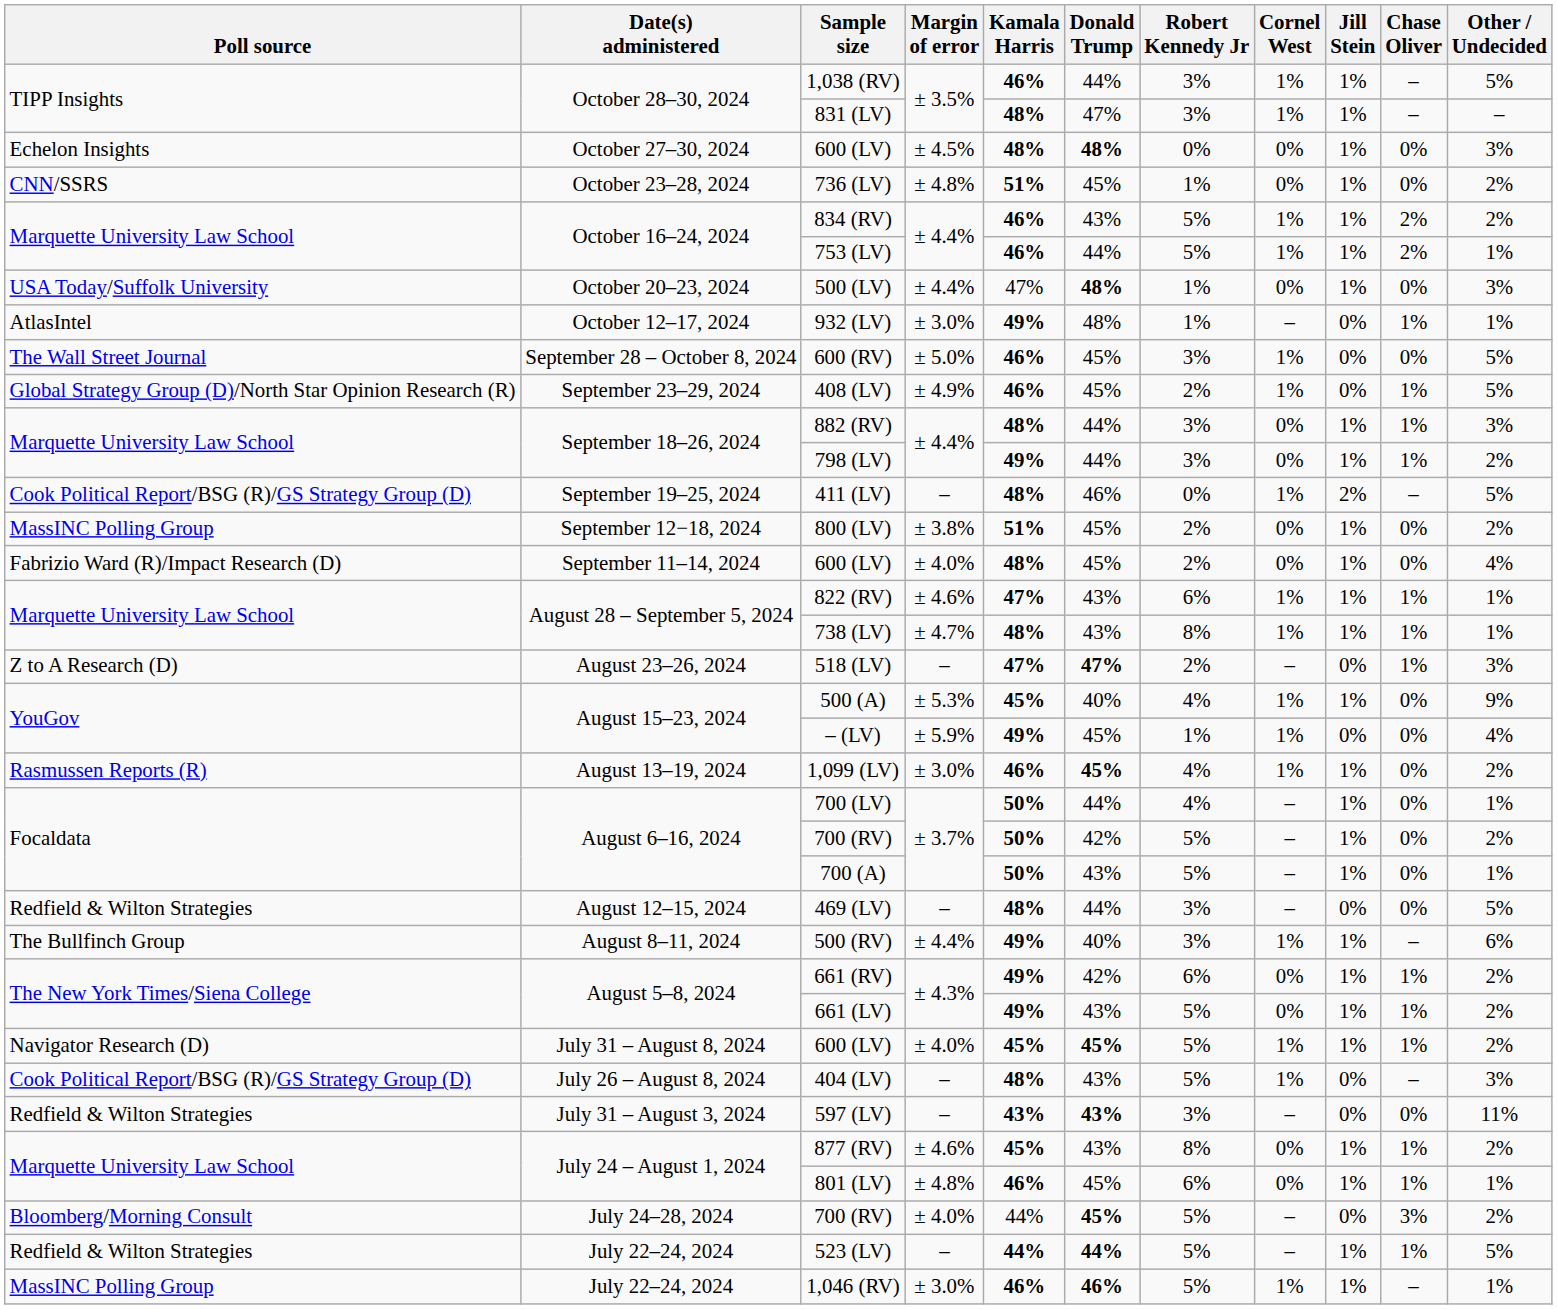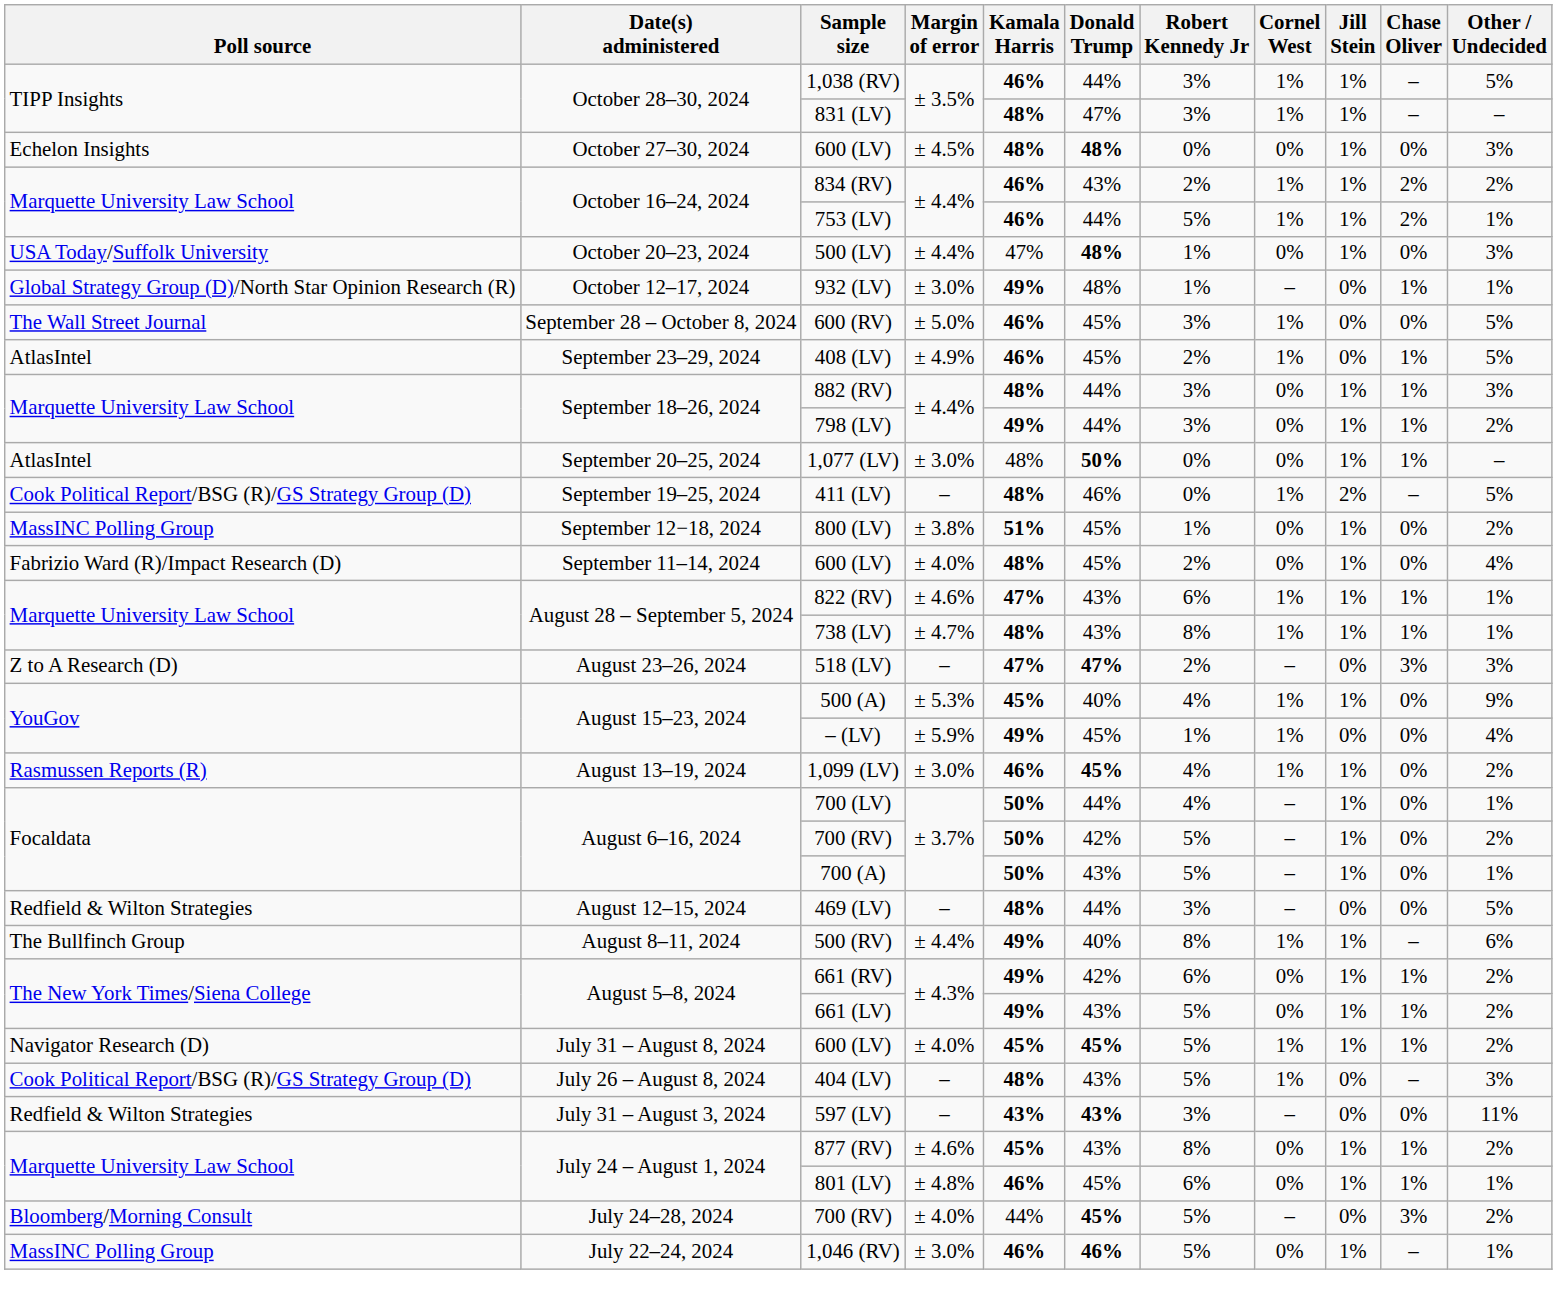 <table class="wikitable sortable mw-datatable" style="font-size:90%;text-align:center;line-height:17px">
 <tr valign=bottom>
 <th>Poll source</th>
 <th>Date(s)<br>administered</th>
 <th>Sample<br>size</th>
 <th>Margin<br>of error</th>
 <th class="unsortable">Kamala<br>Harris<br></th>
 <th class="unsortable">Donald<br>Trump<br></th>
 <th class="unsortable">Robert<br>Kennedy Jr<br></th>
 <th class="unsortable">Cornel<br>West<br></th>
 <th class="unsortable">Jill<br>Stein<br></th>
 <th class="unsortable">Chase<br>Oliver<br></th>
 <th class="unsortable">Other /<br>Undecided</th>
 </tr>
 <tr>
 <td rowspan="2" style="text-align:left;">TIPP Insights</td>
 <td rowspan="2">October 28–30, 2024</td>
 <td>1,038 (RV)</td>
 <td rowspan="2">± 3.5%</td>
 <td style="color:black;background-color:"><strong>46%</strong></td>
 <td>44%</td>
 <td>3%</td>
 <td>1%</td>
 <td>1%</td>
 <td>–</td>
 <td>5%</td>
 </tr>
 <tr>
 <td>831 (LV)</td>
 <td style="color:black;background-color:"><strong>48%</strong></td>
 <td>47%</td>
 <td>3%</td>
 <td>1%</td>
 <td>1%</td>
 <td>–</td>
 <td>–</td>
 </tr>
 <tr>
 <td style="text-align:left;">Echelon Insights</td>
 <td data-sort-value="2024-10-30">October 27–30, 2024</td>
 <td>600 (LV)</td>
 <td>± 4.5%</td>
 <td><strong>48%</strong></td>
 <td><strong>48%</strong></td>
 <td>0%</td>
 <td>0%</td>
 <td>1%</td>
 <td>0%</td>
 <td>3%</td>
 </tr>
 <tr>
-<td style="text-align:left;"><a href='#'>CNN</a>/SSRS</td>
-<td data-sort-value="2024-10-28">October 23–28, 2024</td>
-<td>736 (LV)</td>
-<td>± 4.8%</td>
-<td style="color:black;background-color:"><strong>51%</strong></td>
-<td>45%</td>
-<td>1%</td>
-<td>0%</td>
-<td>1%</td>
-<td>0%</td>
-<td>2%</td>
-</tr>
-<tr>
 <td rowspan="2" style="text-align:left;"><a href='#'>Marquette University Law School</a></td>
 <td rowspan="2">October 16–24, 2024</td>
 <td>834 (RV)</td>
 <td rowspan="2">± 4.4%</td>
 <td style="color:black;background-color:"><strong>46%</strong></td>
 <td>43%</td>
-<td>5%</td>
+<td>2%</td>
 <td>1%</td>
 <td>1%</td>
 <td>2%</td>
 <td>2%</td>
 </tr>
 <tr>
 <td>753 (LV)</td>
 <td style="color:black;background-color:"><strong>46%</strong></td>
 <td>44%</td>
 <td>5%</td>
 <td>1%</td>
 <td>1%</td>
 <td>2%</td>
 <td>1%</td>
 </tr>
 <tr>
 <td style="text-align:left;"><a href='#'>USA Today</a>/<a href='#'>Suffolk University</a></td>
 <td data-sort-value="2024-10-23">October 20–23, 2024</td>
 <td>500 (LV)</td>
 <td>± 4.4%</td>
 <td>47%</td>
 <td style="background-color:"><strong>48%</strong></td>
 <td>1%</td>
 <td>0%</td>
 <td>1%</td>
 <td>0%</td>
 <td>3%</td>
 </tr>
 <tr>
-<td style="text-align:left;">AtlasIntel</td>
+<td style="text-align:left;"><a href='#'>Global Strategy Group (D)</a>/North Star Opinion Research (R)</td>
 <td data-sort-value="2024-10-17">October 12–17, 2024</td>
 <td>932 (LV)</td>
 <td>± 3.0%</td>
 <td style="color:black;background-color:"><strong>49%</strong></td>
 <td>48%</td>
 <td>1%</td>
 <td>–</td>
 <td>0%</td>
 <td>1%</td>
 <td>1%</td>
 </tr>
 <tr>
 <td style="text-align:left;"><a href='#'>The Wall Street Journal</a></td>
 <td data-sort-value="2024-10-08">September 28 – October 8, 2024</td>
 <td>600 (RV)</td>
 <td>± 5.0%</td>
 <td style="color:black;background-color:"><strong>46%</strong></td>
 <td>45%</td>
 <td>3%</td>
 <td>1%</td>
 <td>0%</td>
 <td>0%</td>
 <td>5%</td>
 </tr>
 <tr>
-<td style="text-align:left;"><a href='#'>Global Strategy Group (D)</a>/North Star Opinion Research (R)</td>
+<td style="text-align:left;">AtlasIntel</td>
 <td data-sort-value="2024-09-29">September 23–29, 2024</td>
 <td>408 (LV)</td>
 <td>± 4.9%</td>
 <td style="color:black;background-color:"><strong>46%</strong></td>
 <td>45%</td>
 <td>2%</td>
 <td>1%</td>
 <td>0%</td>
 <td>1%</td>
 <td>5%</td>
 </tr>
 <tr>
 <td rowspan="2" style="text-align:left;"><a href='#'>Marquette University Law School</a></td>
 <td rowspan="2">September 18–26, 2024</td>
 <td>882 (RV)</td>
 <td rowspan="2">± 4.4%</td>
 <td style="color:black;background-color:"><strong>48%</strong></td>
 <td>44%</td>
 <td>3%</td>
 <td>0%</td>
 <td>1%</td>
 <td>1%</td>
 <td>3%</td>
 </tr>
 <tr>
 <td>798 (LV)</td>
 <td style="color:black;background-color:"><strong>49%</strong></td>
 <td>44%</td>
 <td>3%</td>
 <td>0%</td>
 <td>1%</td>
 <td>1%</td>
 <td>2%</td>
 </tr>
 <tr>
+<td style="text-align:left;">AtlasIntel</td>
+<td data-sort-value="2024-09-25">September 20–25, 2024</td>
+<td>1,077 (LV)</td>
+<td>± 3.0%</td>
+<td>48%</td>
+<td style="background-color:"><strong>50%</strong></td>
+<td>0%</td>
+<td>0%</td>
+<td>1%</td>
+<td>1%</td>
+<td>–</td>
+</tr>
+<tr>
 <td style="text-align:left;"><a href='#'>Cook Political Report</a>/BSG (R)/<a href='#'>GS Strategy Group (D)</a></td>
 <td data-sort-value="2024-09-25">September 19–25, 2024</td>
 <td>411 (LV)</td>
 <td>–</td>
 <td style="color:black;background-color:"><strong>48%</strong></td>
 <td>46%</td>
 <td>0%</td>
 <td>1%</td>
 <td>2%</td>
 <td>–</td>
 <td>5%</td>
 </tr>
 <tr>
 <td style="text-align:left;"><a href='#'>MassINC Polling Group</a></td>
 <td data-sort-value="2024-09-18">September 12−18, 2024</td>
 <td>800 (LV)</td>
 <td>± 3.8%</td>
 <td style="color:black;background-color:"><strong>51%</strong></td>
 <td>45%</td>
-<td>2%</td>
+<td>1%</td>
 <td>0%</td>
 <td>1%</td>
 <td>0%</td>
 <td>2%</td>
 </tr>
 <tr>
 <td style="text-align:left;">Fabrizio Ward (R)/Impact Research (D)</td>
 <td data-sort-value="2024-09-14">September 11–14, 2024</td>
 <td>600 (LV)</td>
 <td>± 4.0%</td>
 <td style="color:black;background-color:"><strong>48%</strong></td>
 <td>45%</td>
 <td>2%</td>
 <td>0%</td>
 <td>1%</td>
 <td>0%</td>
 <td>4%</td>
 </tr>
 <tr>
 <td rowspan="2" style="text-align:left;"><a href='#'>Marquette University Law School</a></td>
 <td rowspan="2">August 28 – September 5, 2024</td>
 <td>822 (RV)</td>
 <td>± 4.6%</td>
 <td style="color:black;background-color:"><strong>47%</strong></td>
 <td>43%</td>
 <td>6%</td>
 <td>1%</td>
 <td>1%</td>
 <td>1%</td>
 <td>1%</td>
 </tr>
 <tr>
 <td>738 (LV)</td>
 <td>± 4.7%</td>
 <td style="color:black;background-color:"><strong>48%</strong></td>
 <td>43%</td>
 <td>8%</td>
 <td>1%</td>
 <td>1%</td>
 <td>1%</td>
 <td>1%</td>
 </tr>
 <tr>
 <td style="text-align:left;">Z to A Research (D)</td>
 <td data-sort-value="2024-08-19">August 23–26, 2024</td>
 <td>518 (LV)</td>
 <td>–</td>
 <td><strong>47%</strong></td>
 <td><strong>47%</strong></td>
 <td>2%</td>
 <td>–</td>
 <td>0%</td>
-<td>1%</td>
+<td>3%</td>
 <td>3%</td>
 </tr>
 <tr>
 <td style="text-align:left;" rowspan="2"><a href='#'>YouGov</a></td>
 <td rowspan="2">August 15–23, 2024</td>
 <td>500 (A)</td>
 <td>± 5.3%</td>
 <td style="color:black;background-color:"><strong>45%</strong></td>
 <td>40%</td>
 <td>4%</td>
 <td>1%</td>
 <td>1%</td>
 <td>0%</td>
 <td>9%</td>
 </tr>
 <tr>
 <td>– (LV)</td>
 <td>± 5.9%</td>
 <td style="color:black;background-color:"><strong>49%</strong></td>
 <td>45%</td>
 <td>1%</td>
 <td>1%</td>
 <td>0%</td>
 <td>0%</td>
 <td>4%</td>
 </tr>
 <tr>
 <td style="text-align:left;"><a href='#'>Rasmussen Reports (R)</a></td>
 <td data-sort-value="2024-08-19">August 13–19, 2024</td>
 <td>1,099 (LV)</td>
 <td>± 3.0%</td>
 <td><strong>46%</strong></td>
 <td><strong>45%</strong></td>
 <td>4%</td>
 <td>1%</td>
 <td>1%</td>
 <td>0%</td>
 <td>2%</td>
 </tr>
 <tr>
 <td style="text-align:left;" rowspan="3">Focaldata</td>
 <td rowspan="3">August 6–16, 2024</td>
 <td>700 (LV)</td>
 <td rowspan="3">± 3.7%</td>
 <td style="color:black;background-color:"><strong>50%</strong></td>
 <td>44%</td>
 <td>4%</td>
 <td>–</td>
 <td>1%</td>
 <td>0%</td>
 <td>1%</td>
 </tr>
 <tr>
 <td>700 (RV)</td>
 <td style="color:black;background-color:"><strong>50%</strong></td>
 <td>42%</td>
 <td>5%</td>
 <td>–</td>
 <td>1%</td>
 <td>0%</td>
 <td>2%</td>
 </tr>
 <tr>
 <td>700 (A)</td>
 <td style="color:black;background-color:"><strong>50%</strong></td>
 <td>43%</td>
 <td>5%</td>
 <td>–</td>
 <td>1%</td>
 <td>0%</td>
 <td>1%</td>
 </tr>
 <tr>
 <td style="text-align:left;">Redfield & Wilton Strategies</td>
 <td data-sort-value="2024-08-15">August 12–15, 2024</td>
 <td>469 (LV)</td>
 <td>–</td>
 <td style="color:black;background-color:"><strong>48%</strong></td>
 <td>44%</td>
 <td>3%</td>
 <td>–</td>
 <td>0%</td>
 <td>0%</td>
 <td>5%</td>
 </tr>
 <tr>
 <td style="text-align:left;">The Bullfinch Group</td>
 <td data-sort-value="2024-08-11">August 8–11, 2024</td>
 <td>500 (RV)</td>
 <td>± 4.4%</td>
 <td style="color:black;background-color:"><strong>49%</strong></td>
 <td>40%</td>
-<td>3%</td>
+<td>8%</td>
 <td>1%</td>
 <td>1%</td>
 <td>–</td>
 <td>6%</td>
 </tr>
 <tr>
 <td style="text-align:left;" rowspan="2"><a href='#'>The New York Times</a>/<a href='#'>Siena College</a></td>
 <td rowspan="2">August 5–8, 2024</td>
 <td>661 (RV)</td>
 <td rowspan="2">± 4.3%</td>
 <td style="color:black;background-color:"><strong>49%</strong></td>
 <td>42%</td>
 <td>6%</td>
 <td>0%</td>
 <td>1%</td>
 <td>1%</td>
 <td>2%</td>
 </tr>
 <tr>
 <td>661 (LV)</td>
 <td style="color:black;background-color:"><strong>49%</strong></td>
 <td>43%</td>
 <td>5%</td>
 <td>0%</td>
 <td>1%</td>
 <td>1%</td>
 <td>2%</td>
 </tr>
 <tr>
 <td style="text-align:left;">Navigator Research (D)</td>
 <td data-sort-value="2024-08-08">July 31 – August 8, 2024</td>
 <td>600 (LV)</td>
 <td>± 4.0%</td>
 <td><strong>45%</strong></td>
 <td><strong>45%</strong></td>
 <td>5%</td>
 <td>1%</td>
 <td>1%</td>
 <td>1%</td>
 <td>2%</td>
 </tr>
 <tr>
 <td style="text-align:left;"><a href='#'>Cook Political Report</a>/BSG (R)/<a href='#'>GS Strategy Group (D)</a></td>
 <td data-sort-value="2024-08-08">July 26 – August 8, 2024</td>
 <td>404 (LV)</td>
 <td>–</td>
 <td style="color:black;background-color:"><strong>48%</strong></td>
 <td>43%</td>
 <td>5%</td>
 <td>1%</td>
 <td>0%</td>
 <td>–</td>
 <td>3%</td>
 </tr>
 <tr>
 <td style="text-align:left;">Redfield & Wilton Strategies</td>
 <td data-sort-value="2024-08-03">July 31 – August 3, 2024</td>
 <td>597 (LV)</td>
 <td>–</td>
 <td><strong>43%</strong></td>
 <td><strong>43%</strong></td>
 <td>3%</td>
 <td>–</td>
 <td>0%</td>
 <td>0%</td>
 <td>11%</td>
 </tr>
 <tr>
 <td style="text-align:left;" rowspan="2"><a href='#'>Marquette University Law School</a></td>
 <td rowspan="2">July 24 – August 1, 2024</td>
 <td>877 (RV)</td>
 <td>± 4.6%</td>
 <td style="color:black;background-color:"><strong>45%</strong></td>
 <td>43%</td>
 <td>8%</td>
 <td>0%</td>
 <td>1%</td>
 <td>1%</td>
 <td>2%</td>
 </tr>
 <tr>
 <td>801 (LV)</td>
 <td>± 4.8%</td>
 <td style="color:black;background-color:"><strong>46%</strong></td>
 <td>45%</td>
 <td>6%</td>
 <td>0%</td>
 <td>1%</td>
 <td>1%</td>
 <td>1%</td>
 </tr>
 <tr>
 <td style="text-align:left;"><a href='#'>Bloomberg</a>/<a href='#'>Morning Consult</a></td>
 <td data-sort-value="2024-07-28">July 24–28, 2024</td>
 <td>700 (RV)</td>
 <td>± 4.0%</td>
 <td>44%</td>
 <td style="background-color:"><strong>45%</strong></td>
 <td>5%</td>
 <td>–</td>
 <td>0%</td>
 <td>3%</td>
 <td>2%</td>
 </tr>
 <tr>
-<td style="text-align:left;">Redfield & Wilton Strategies</td>
-<td data-sort-value="2024-07-26">July 22–24, 2024</td>
-<td>523 (LV)</td>
-<td>–</td>
-<td><strong>44%</strong></td>
-<td><strong>44%</strong></td>
-<td>5%</td>
-<td>–</td>
-<td>1%</td>
-<td>1%</td>
-<td>5%</td>
-</tr>
-<tr>
 <td style="text-align:left;"><a href='#'>MassINC Polling Group</a></td>
 <td data-sort-value="2024-07-26">July 22–24, 2024</td>
 <td>1,046 (RV)</td>
 <td>± 3.0%</td>
 <td><strong>46%</strong></td>
 <td><strong>46%</strong></td>
 <td>5%</td>
-<td>1%</td>
+<td>0%</td>
 <td>1%</td>
 <td>–</td>
 <td>1%</td>
 </tr>
 </table>
